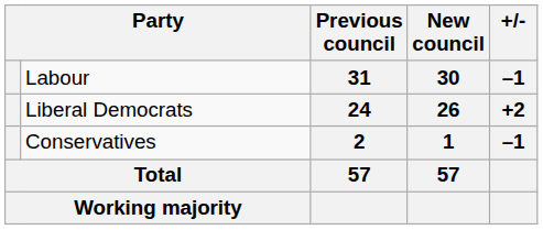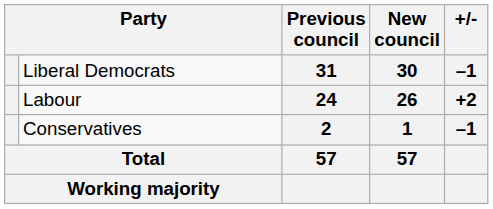 <table class="wikitable">
 <tr>
 <th valign=top colspan="2" style="width: 230px">Party</th>
 <th valign=top style="width: 30px">Previous council</th>
 <th valign=top style="width: 30px">New council</th>
 <th valign=top style="width: 30px">+/-</th>
 </tr>
 <tr>
 <th style="background-color: "></th>
-<td>Labour</td>
+<td>Liberal Democrats</td>
 <th align=center>31</th>
 <th align=center>30</th>
 <th align=center>–1</th>
 </tr>
 <tr>
 <th style="background-color: "></th>
-<td>Liberal Democrats</td>
+<td>Labour</td>
 <th align=center>24</th>
 <th align=center>26</th>
 <th align=center>+2</th>
 </tr>
 <tr>
 <th style="background-color: "></th>
 <td>Conservatives</td>
 <th align=center>2</th>
 <th align=center>1</th>
 <th align=center>–1</th>
 </tr>
 <tr>
 <th colspan=2>Total</th>
 <th style="text-align: center">57</th>
 <th style="text-align: center">57</th>
 <th></th>
 </tr>
 <tr>
 <th colspan=2>Working majority</th>
 <th></th>
 <th></th>
 <th></th>
 </tr>
 </table>
